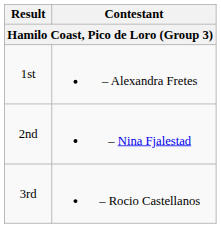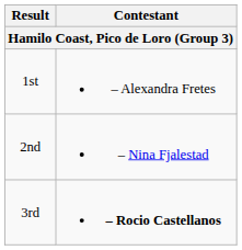 <table class="wikitable" style="text-align:center;">
 <tr>
 <th>Result</th>
 <th>Contestant</th>
 </tr>
 <tr>
 <th colspan=2>Hamilo Coast, Pico de Loro (Group 3)</th>
 </tr>
 <tr>
 <td>1st</td>
 <td><br><ul><li> – Alexandra Fretes</li></ul></td>
 </tr>
 <tr>
 <td>2nd</td>
 <td><br><ul><li> – <a href='#'>Nina Fjalestad</a></li></ul></td>
 </tr>
 <tr>
 <td>3rd</td>
-<td><br><ul><li> – Rocio Castellanos</li></ul></td>
+<td><strong><br><ul><li> – Rocio Castellanos</li></ul></strong></td>
 </tr>
 </table>
